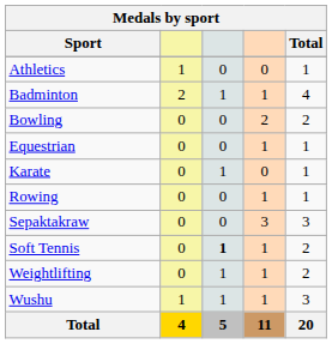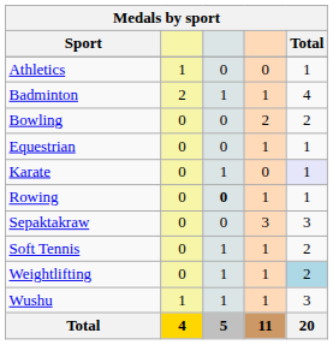 <table class="wikitable" style="font-size:85%; text-align:center">
 <tr style="background:#efefef;">
 <th colspan=5>Medals by sport</th>
 </tr>
 <tr>
 <th width=130>Sport</th>
 <th width=30 style="background-color:#f7f6a8;"></th>
 <th width=30 style="background-color:#dce5e5;"></th>
 <th width=30 style="background-color:#ffdab9;"></th>
 <th width=30>Total</th>
 </tr>
 <tr>
 </tr>
 <tr>
 <td align=left> <a href='#'>Athletics</a></td>
 <td style="background:#F7F6A8;">1</td>
 <td style="background:#DCE5E5;">0</td>
 <td style="background:#FFDAB9;">0</td>
 <td>1</td>
 </tr>
 <tr>
 <td align=left> <a href='#'>Badminton</a></td>
 <td style="background:#F7F6A8;">2</td>
 <td style="background:#DCE5E5;">1</td>
 <td style="background:#FFDAB9;">1</td>
 <td>4</td>
 </tr>
 <tr>
 <td align=left> <a href='#'>Bowling</a></td>
 <td style="background:#F7F6A8;">0</td>
 <td style="background:#DCE5E5;">0</td>
 <td style="background:#FFDAB9;">2</td>
 <td>2</td>
 </tr>
 <tr>
 <td align=left> <a href='#'>Equestrian</a></td>
 <td style="background:#F7F6A8;">0</td>
 <td style="background:#DCE5E5;">0</td>
 <td style="background:#FFDAB9;">1</td>
 <td>1</td>
 </tr>
 <tr>
 <td align=left> <a href='#'>Karate</a></td>
 <td style="background:#F7F6A8;">0</td>
 <td style="background:#DCE5E5;">1</td>
 <td style="background:#FFDAB9;">0</td>
-<td>1</td>
+<td style="background: lavender;">1</td>
 </tr>
 <tr>
 <td align=left> <a href='#'>Rowing</a></td>
 <td style="background:#F7F6A8;">0</td>
-<td style="background:#DCE5E5;">0</td>
+<td style="background:#DCE5E5;"><strong>0</strong></td>
 <td style="background:#FFDAB9;">1</td>
 <td>1</td>
 </tr>
 <tr>
 <td align=left> <a href='#'>Sepaktakraw</a></td>
 <td style="background:#F7F6A8;">0</td>
 <td style="background:#DCE5E5;">0</td>
 <td style="background:#FFDAB9;">3</td>
 <td>3</td>
 </tr>
 <tr>
 <td align=left> <a href='#'>Soft Tennis</a></td>
 <td style="background:#F7F6A8;">0</td>
-<td style="background:#DCE5E5;"><strong>1</strong></td>
+<td style="background:#DCE5E5;">1</td>
 <td style="background:#FFDAB9;">1</td>
 <td>2</td>
 </tr>
 <tr>
 <td align=left> <a href='#'>Weightlifting</a></td>
 <td style="background:#F7F6A8;">0</td>
 <td style="background:#DCE5E5;">1</td>
 <td style="background:#FFDAB9;">1</td>
-<td>2</td>
+<td style="background: lightblue;">2</td>
 </tr>
 <tr>
 <td align=left> <a href='#'>Wushu</a></td>
 <td style="background:#F7F6A8;">1</td>
 <td style="background:#DCE5E5;">1</td>
 <td style="background:#FFDAB9;">1</td>
 <td>3</td>
 </tr>
 <tr>
 <th>Total</th>
 <th style="background:gold;">4</th>
 <th style="background:silver;">5</th>
 <th style="background:#c96;">11</th>
 <th>20</th>
 </tr>
 </table>
